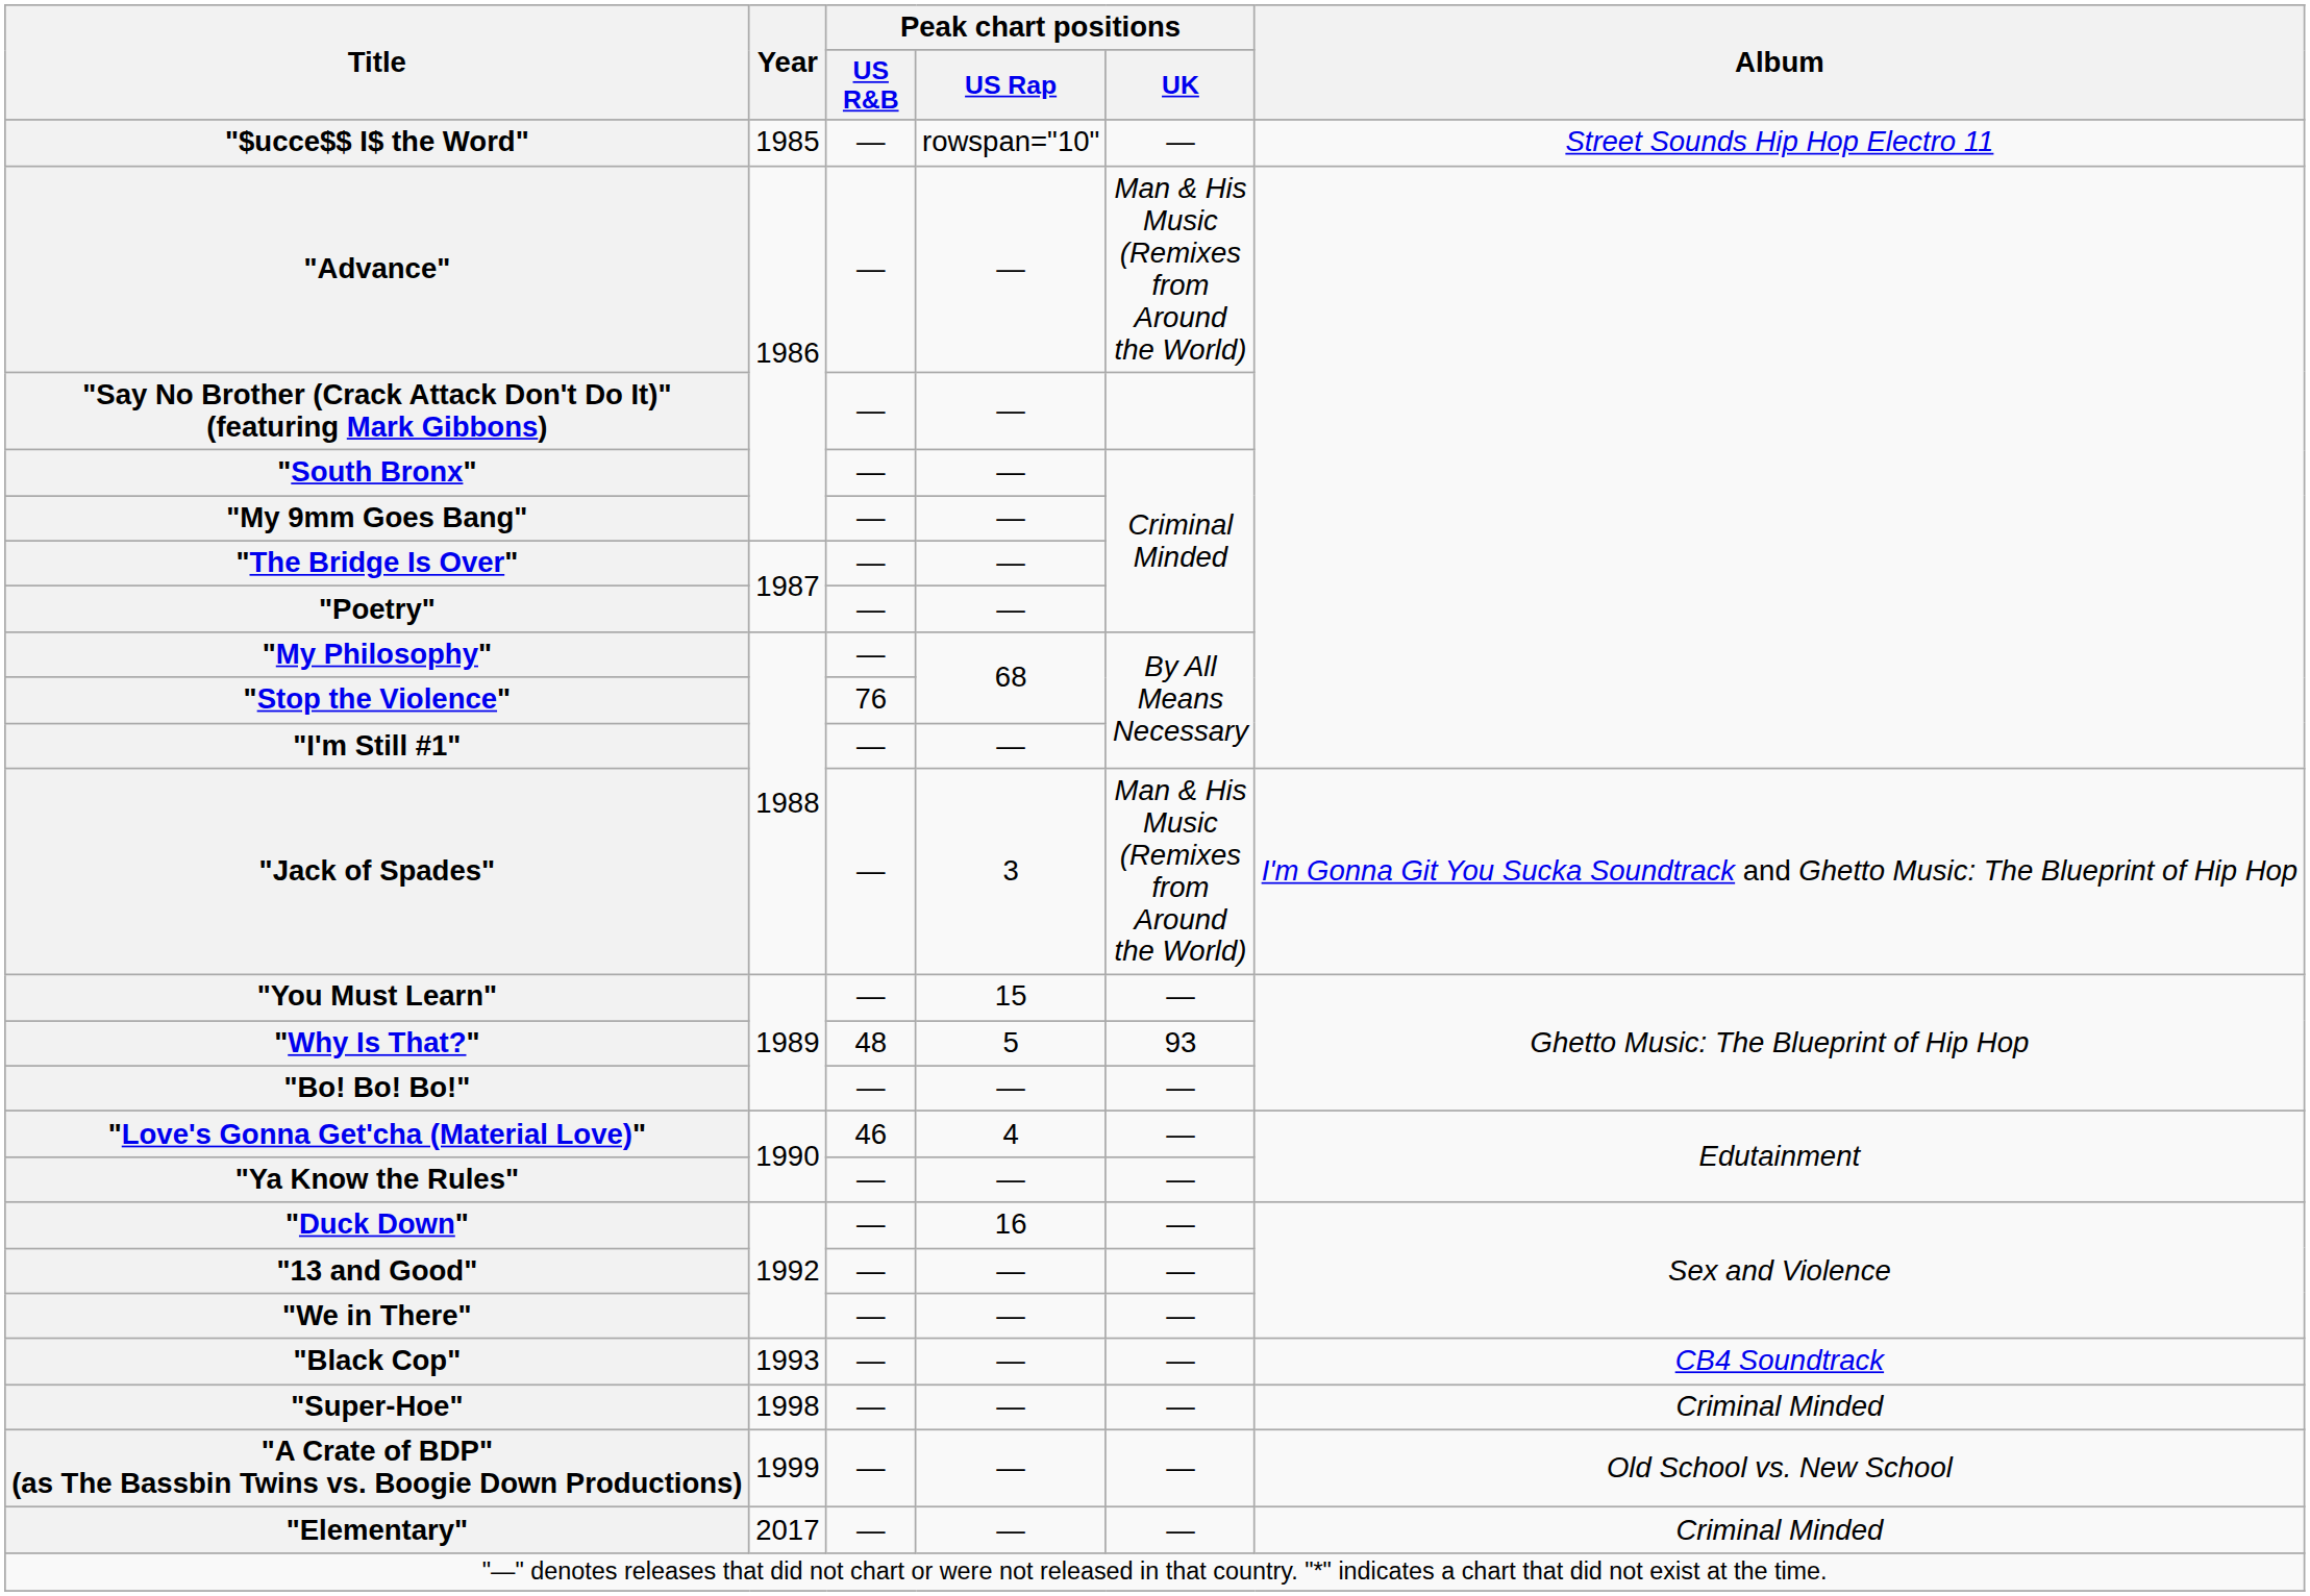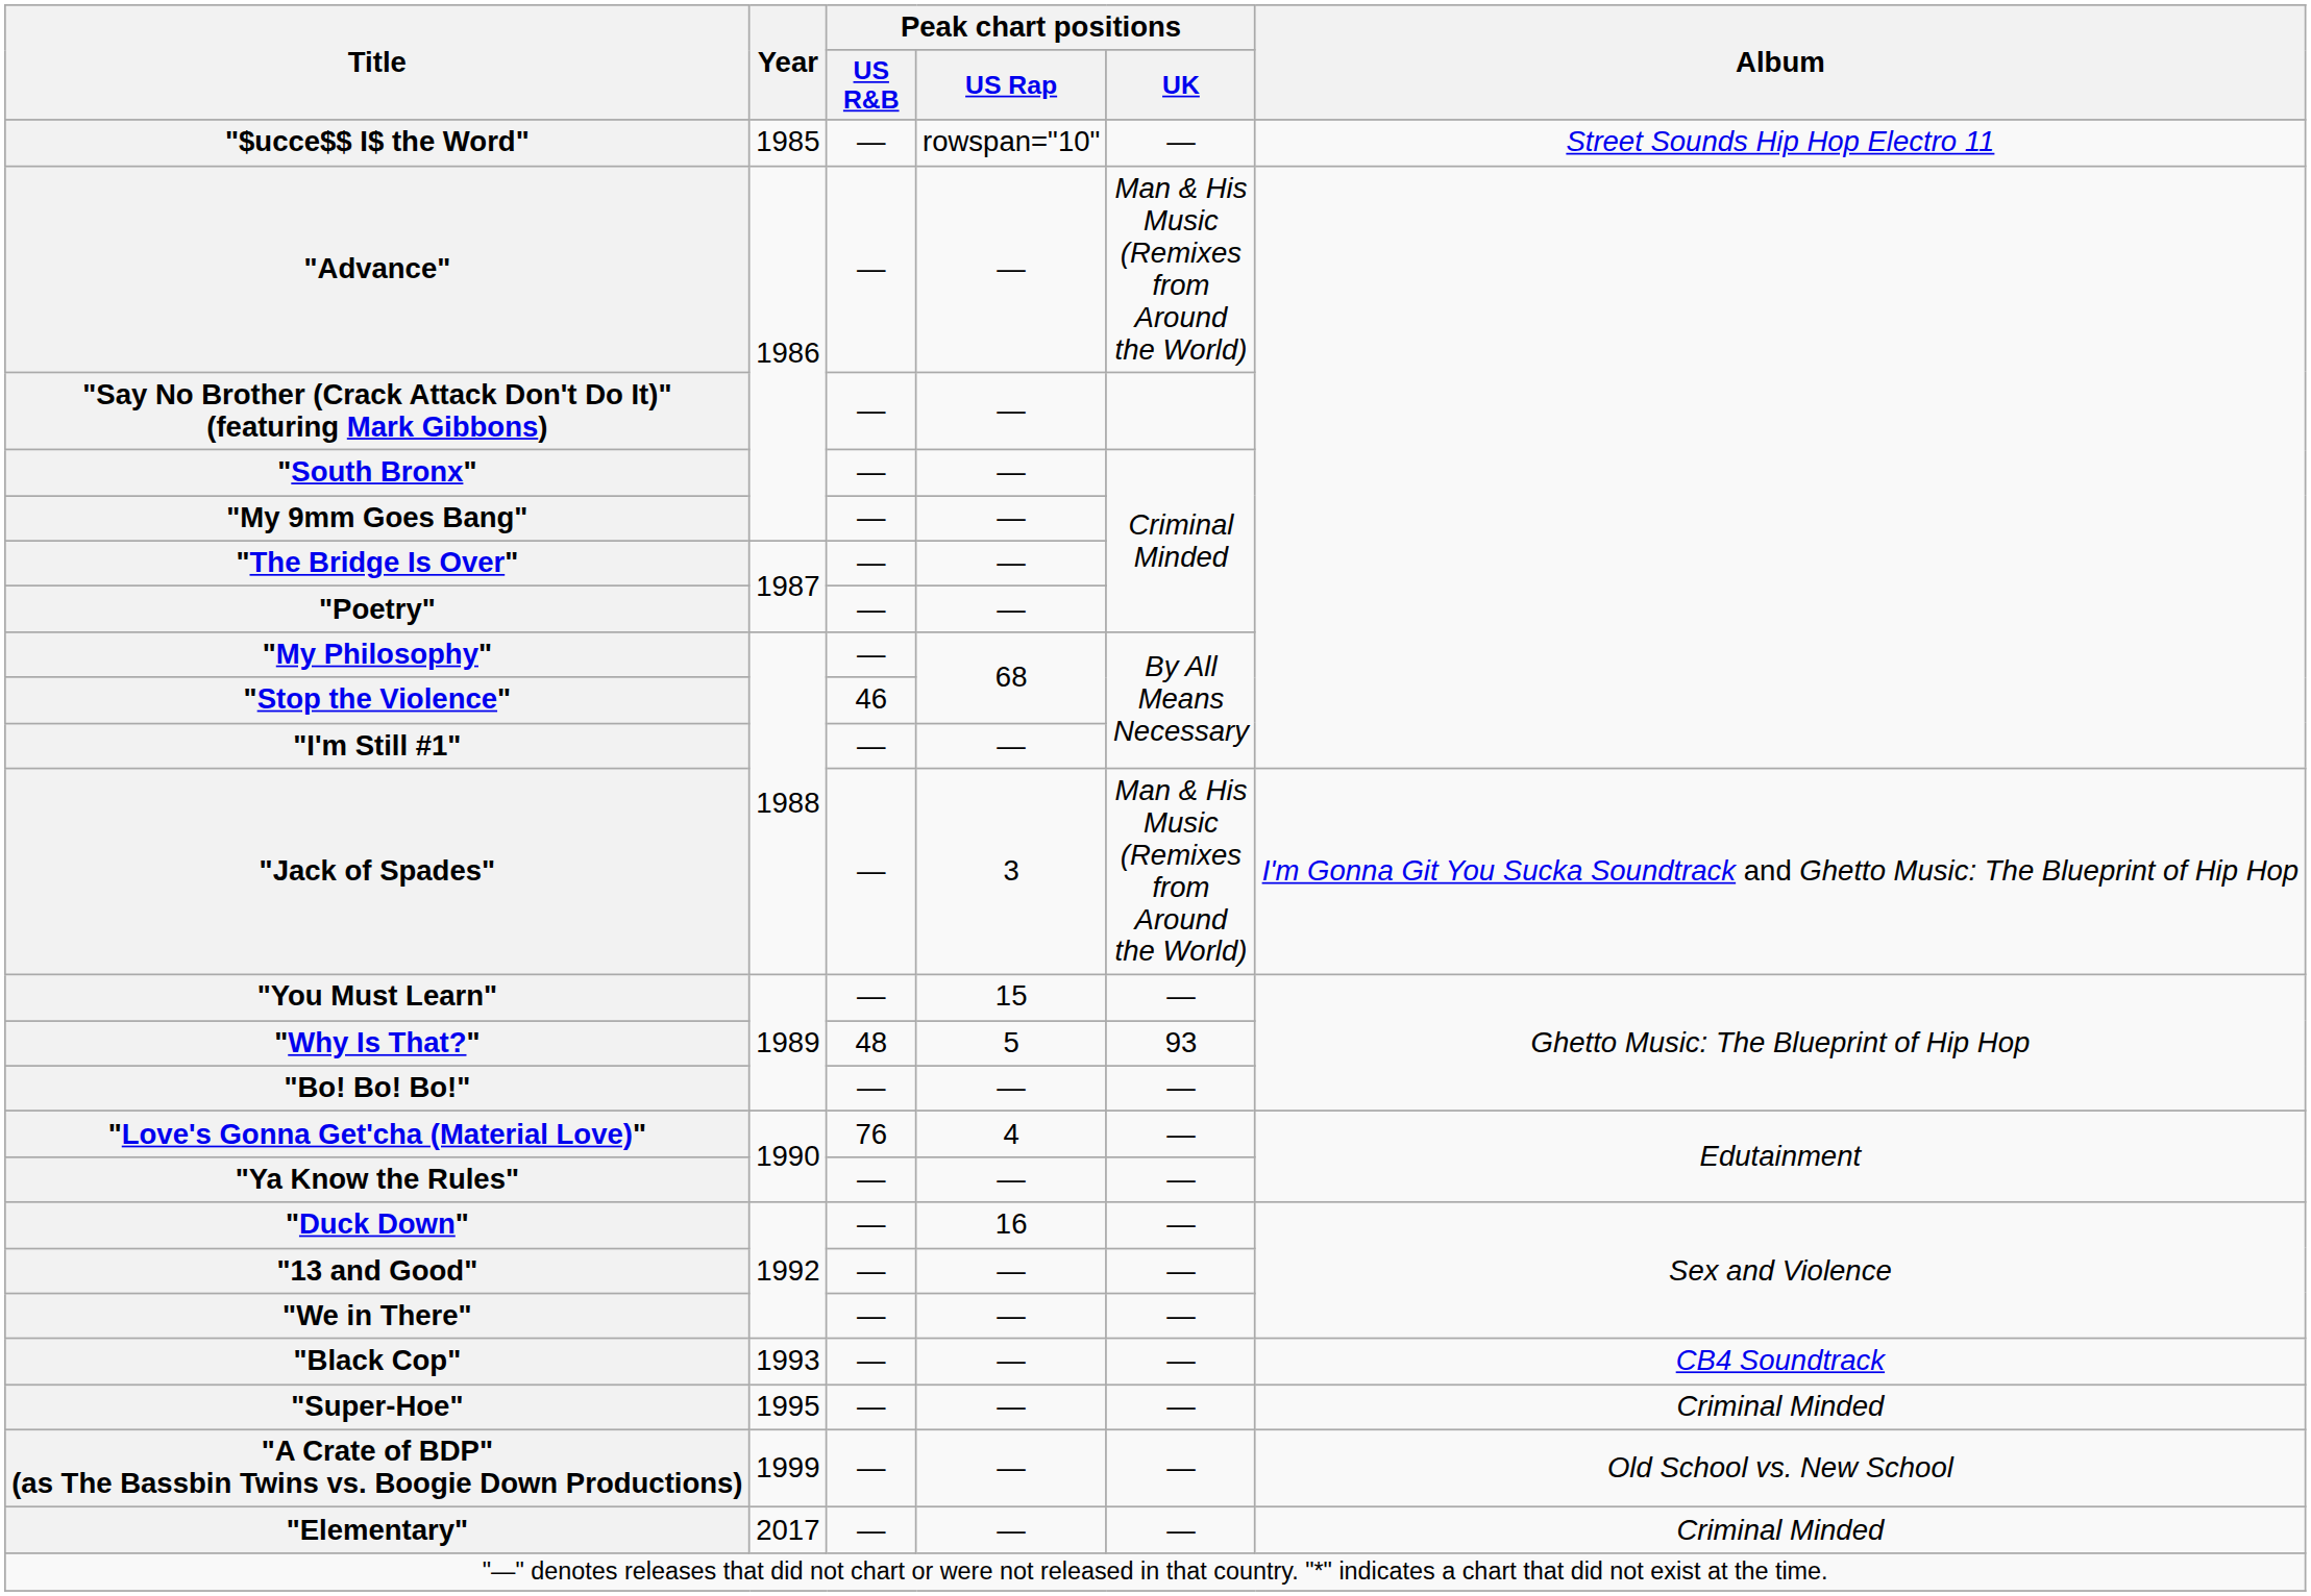 <table class="wikitable plainrowheaders" style="text-align:center;">
 <tr>
 <th scope="col" rowspan="2">Title</th>
 <th scope="col" rowspan="2">Year</th>
 <th scope="col" colspan="3">Peak chart positions</th>
 <th scope="col" rowspan="2">Album</th>
 </tr>
 <tr>
 <th scope="col" style="width:3em;font-size:90%;"><a href='#'>US R&B</a><br></th>
 <th scope="col" style="width:3em;font-size:90%;"><a href='#'>US Rap</a><br></th>
 <th scope="col" style="width:3em;font-size:90%;"><a href='#'>UK</a><br></th>
 </tr>
 <tr>
 <th scope="row">"$ucce$$ I$ the Word"</th>
 <td>1985</td>
 <td>—</td>
 <td>rowspan="10" </td>
 <td>—</td>
 <td><em><a href='#'>Street Sounds Hip Hop Electro 11</a></em></td>
 </tr>
 <tr>
 <th scope="row">"Advance"</th>
 <td rowspan="4">1986</td>
 <td>—</td>
 <td>—</td>
 <td><em>Man & His Music (Remixes from Around the World)</em></td>
 </tr>
 <tr>
 <th scope="row">"Say No Brother (Crack Attack Don't Do It)"<br><span>(featuring <a href='#'>Mark Gibbons</a>)</span></th>
 <td>—</td>
 <td>—</td>
 <td></td>
 </tr>
 <tr>
 <th scope="row">"<a href='#'>South Bronx</a>"</th>
 <td>—</td>
 <td>—</td>
 <td rowspan="4"><em>Criminal Minded</em></td>
 </tr>
 <tr>
 <th scope="row">"My 9mm Goes Bang"</th>
 <td>—</td>
 <td>—</td>
 </tr>
 <tr>
 <th scope="row">"<a href='#'>The Bridge Is Over</a>"</th>
 <td rowspan="2">1987</td>
 <td>—</td>
 <td>—</td>
 </tr>
 <tr>
 <th scope="row">"Poetry"</th>
 <td>—</td>
 <td>—</td>
 </tr>
 <tr>
 <th scope="row">"<a href='#'>My Philosophy</a>"</th>
 <td rowspan="4">1988</td>
 <td>—</td>
 <td rowspan="2">68</td>
 <td rowspan="3"><em>By All Means Necessary</em></td>
 </tr>
 <tr>
 <th scope="row">"<a href='#'>Stop the Violence</a>"</th>
-<td>76</td>
+<td>46</td>
 </tr>
 <tr>
 <th scope="row">"I'm Still #1"</th>
 <td>—</td>
 <td>—</td>
 </tr>
 <tr>
 <th scope="row">"Jack of Spades"</th>
 <td>—</td>
 <td>3</td>
 <td><em>Man & His Music (Remixes from Around the World)</em></td>
 <td><em><a href='#'>I'm Gonna Git You Sucka Soundtrack</a></em> and <em>Ghetto Music: The Blueprint of Hip Hop</em></td>
 </tr>
 <tr>
 <th scope="row">"You Must Learn"</th>
 <td rowspan="3">1989</td>
 <td>—</td>
 <td>15</td>
 <td>—</td>
 <td rowspan="3"><em>Ghetto Music: The Blueprint of Hip Hop</em></td>
 </tr>
 <tr>
 <th scope="row">"<a href='#'>Why Is That?</a>"</th>
 <td>48</td>
 <td>5</td>
 <td>93</td>
 </tr>
 <tr>
 <th scope="row">"Bo! Bo! Bo!"</th>
 <td>—</td>
 <td>—</td>
 <td>—</td>
 </tr>
 <tr>
 <th scope="row">"<a href='#'>Love's Gonna Get'cha (Material Love)</a>"</th>
 <td rowspan="2">1990</td>
-<td>46</td>
+<td>76</td>
 <td>4</td>
 <td>—</td>
 <td rowspan="2"><em>Edutainment</em></td>
 </tr>
 <tr>
 <th scope="row">"Ya Know the Rules"</th>
 <td>—</td>
 <td>—</td>
 <td>—</td>
 </tr>
 <tr>
 <th scope="row">"<a href='#'>Duck Down</a>"</th>
 <td rowspan="3">1992</td>
 <td>—</td>
 <td>16</td>
 <td>—</td>
 <td rowspan="3"><em>Sex and Violence</em></td>
 </tr>
 <tr>
 <th scope="row">"13 and Good"</th>
 <td>—</td>
 <td>—</td>
 <td>—</td>
 </tr>
 <tr>
 <th scope="row">"We in There"</th>
 <td>—</td>
 <td>—</td>
 <td>—</td>
 </tr>
 <tr>
 <th scope="row">"Black Cop"</th>
 <td>1993</td>
 <td>—</td>
 <td>—</td>
 <td>—</td>
 <td><em><a href='#'>CB4 Soundtrack</a></em></td>
 </tr>
 <tr>
 <th scope="row">"Super-Hoe"</th>
-<td>1998</td>
+<td>1995</td>
 <td>—</td>
 <td>—</td>
 <td>—</td>
 <td><em>Criminal Minded</em></td>
 </tr>
 <tr>
 <th scope="row">"A Crate of BDP"<br><span>(as The Bassbin Twins vs. Boogie Down Productions)</span></th>
 <td>1999</td>
 <td>—</td>
 <td>—</td>
 <td>—</td>
 <td><em>Old School vs. New School</em></td>
 </tr>
 <tr>
 <th scope="row">"Elementary"</th>
 <td>2017</td>
 <td>—</td>
 <td>—</td>
 <td>—</td>
 <td><em>Criminal Minded</em></td>
 </tr>
 <tr>
 <td colspan="6" style="font-size:85%;">"—" denotes releases that did not chart or were not released in that country. "*" indicates a chart that did not exist at the time.</td>
 </tr>
 </table>
